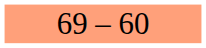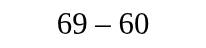 <table style="text-align:center;">
 <tr>
 <th width=200></th>
 <th width=100></th>
 <th width=200></th>
 <th></th>
 </tr>
 <tr>
 <td align=right><strong></strong></td>
-<td style="background: lightsalmon;">69 – 60</td>
+<td>69 – 60</td>
 <td align=left></td>
 </tr>
 </table>
